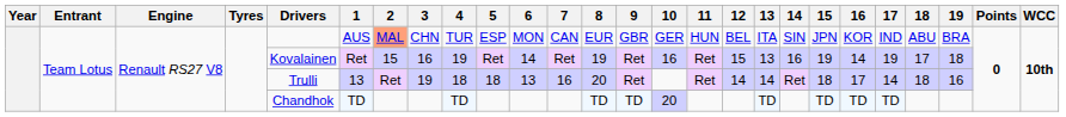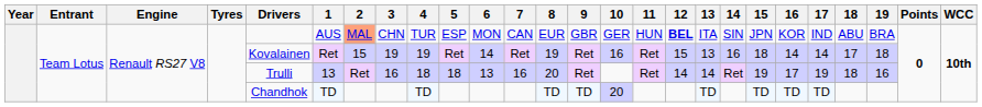 <table class="wikitable" style="text-align:center; font-size:95%">
 <tr>
 <th>Year</th>
 <th>Entrant</th>
 <th>Engine</th>
 <th>Tyres</th>
 <th>Drivers</th>
 <th>1</th>
 <th>2</th>
 <th>3</th>
 <th>4</th>
 <th>5</th>
 <th>6</th>
 <th>7</th>
 <th>8</th>
 <th>9</th>
 <th>10</th>
 <th>11</th>
 <th>12</th>
 <th>13</th>
 <th>14</th>
 <th>15</th>
 <th>16</th>
 <th>17</th>
 <th>18</th>
 <th>19</th>
 <th>Points</th>
 <th>WCC</th>
 </tr>
 <tr>
 <th rowspan=4></th>
 <td rowspan=4><a href='#'>Team Lotus</a></td>
 <td rowspan=4><a href='#'>Renault</a> <em>RS27</em> <a href='#'>V8</a></td>
 <td rowspan=4></td>
 <td></td>
 <td><a href='#'>AUS</a></td>
 <td style="background: lightsalmon;"><a href='#'>MAL</a></td>
 <td><a href='#'>CHN</a></td>
 <td><a href='#'>TUR</a></td>
 <td><a href='#'>ESP</a></td>
 <td><a href='#'>MON</a></td>
 <td><a href='#'>CAN</a></td>
 <td><a href='#'>EUR</a></td>
 <td><a href='#'>GBR</a></td>
 <td><a href='#'>GER</a></td>
 <td><a href='#'>HUN</a></td>
-<td><a href='#'>BEL</a></td>
+<td><strong><a href='#'>BEL</a></strong></td>
 <td><a href='#'>ITA</a></td>
 <td><a href='#'>SIN</a></td>
 <td><a href='#'>JPN</a></td>
 <td><a href='#'>KOR</a></td>
 <td><a href='#'>IND</a></td>
 <td><a href='#'>ABU</a></td>
 <td><a href='#'>BRA</a></td>
 <td rowspan=4><strong>0</strong></td>
 <td rowspan=4><strong>10th</strong></td>
 </tr>
 <tr>
 <td><a href='#'>Kovalainen</a></td>
 <td style="background:#efcfff;">Ret</td>
 <td style="background:#cfcfff;">15</td>
-<td style="background:#cfcfff;">16</td>
+<td style="background:#cfcfff;">19</td>
 <td style="background:#cfcfff;">19</td>
 <td style="background:#efcfff;">Ret</td>
 <td style="background:#cfcfff;">14</td>
 <td style="background:#efcfff;">Ret</td>
 <td style="background:#cfcfff;">19</td>
 <td style="background:#efcfff;">Ret</td>
 <td style="background:#cfcfff;">16</td>
 <td style="background:#efcfff;">Ret</td>
 <td style="background:#cfcfff;">15</td>
 <td style="background:#cfcfff;">13</td>
 <td style="background:#cfcfff;">16</td>
-<td style="background:#cfcfff;">19</td>
+<td style="background:#cfcfff;">18</td>
 <td style="background:#cfcfff;">14</td>
-<td style="background:#cfcfff;">19</td>
+<td style="background:#cfcfff;">14</td>
 <td style="background:#cfcfff;">17</td>
 <td style="background:#cfcfff;">18</td>
 </tr>
 <tr>
 <td><a href='#'>Trulli</a></td>
 <td style="background:#cfcfff;">13</td>
 <td style="background:#efcfff;">Ret</td>
-<td style="background:#cfcfff;">19</td>
+<td style="background:#cfcfff;">16</td>
 <td style="background:#cfcfff;">18</td>
 <td style="background:#cfcfff;">18</td>
 <td style="background:#cfcfff;">13</td>
 <td style="background:#cfcfff;">16</td>
 <td style="background:#cfcfff;">20</td>
 <td style="background:#efcfff;">Ret</td>
 <td></td>
 <td style="background:#efcfff;">Ret</td>
 <td style="background:#cfcfff;">14</td>
 <td style="background:#cfcfff;">14</td>
 <td style="background:#efcfff;">Ret</td>
-<td style="background:#cfcfff;">18</td>
+<td style="background:#cfcfff;">19</td>
 <td style="background:#cfcfff;">17</td>
-<td style="background:#cfcfff;">14</td>
+<td style="background:#cfcfff;">19</td>
 <td style="background:#cfcfff;">18</td>
 <td style="background:#cfcfff;">16</td>
 </tr>
 <tr>
 <td><a href='#'>Chandhok</a></td>
 <td style="background:#F0F8FF;">TD</td>
 <td></td>
 <td></td>
 <td style="background:#F0F8FF;">TD</td>
 <td></td>
 <td></td>
 <td></td>
 <td style="background:#F0F8FF;">TD</td>
 <td style="background:#F0F8FF;">TD</td>
 <td style="background:#cfcfff;">20</td>
 <td></td>
 <td></td>
 <td style="background:#F0F8FF;">TD</td>
 <td></td>
 <td style="background:#F0F8FF;">TD</td>
 <td style="background:#F0F8FF;">TD</td>
 <td style="background:#F0F8FF;">TD</td>
 <td></td>
 <td></td>
 </tr>
 </table>
